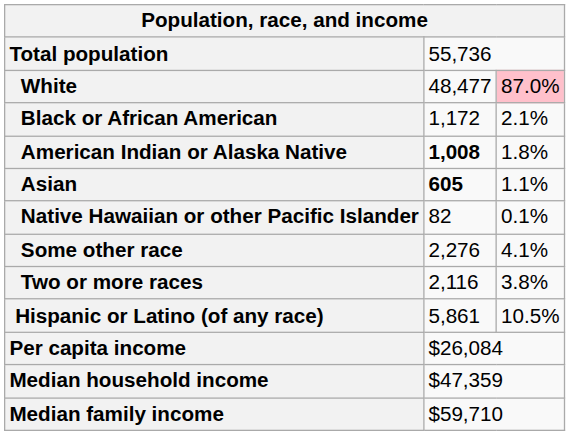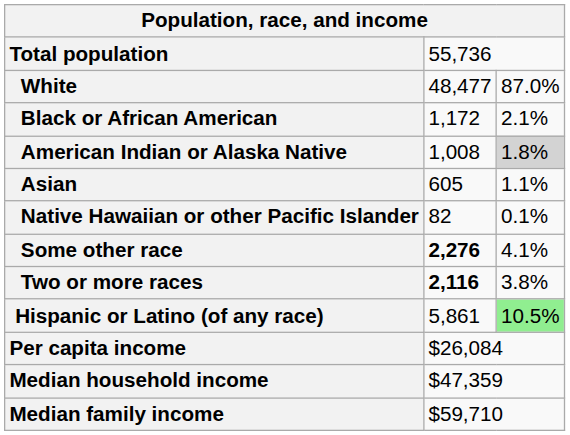 <table class="wikitable collapsible collapsed">
 <tr>
 <th colspan=6>Population, race, and income</th>
 </tr>
 <tr>
 <th scope="row" style="text-align: left;">Total population</th>
 <td colspan=2>55,736</td>
 </tr>
 <tr>
 <th scope="row" style="text-align: left;">  White</th>
 <td>48,477</td>
-<td style="background: pink;">87.0%</td>
+<td>87.0%</td>
 </tr>
 <tr>
 <th scope="row" style="text-align: left;">  Black or African American</th>
 <td>1,172</td>
 <td>2.1%</td>
 </tr>
 <tr>
 <th scope="row" style="text-align: left;">  American Indian or Alaska Native</th>
-<td><strong>1,008</strong></td>
-<td>1.8%</td>
+<td>1,008</td>
+<td style="background: lightgrey;">1.8%</td>
 </tr>
 <tr>
 <th scope="row" style="text-align: left;">  Asian</th>
-<td><strong>605</strong></td>
+<td>605</td>
 <td>1.1%</td>
 </tr>
 <tr>
 <th scope="row" style="text-align: left;">  Native Hawaiian or other Pacific Islander</th>
 <td>82</td>
 <td>0.1%</td>
 </tr>
 <tr>
 <th scope="row" style="text-align: left;">  Some other race</th>
-<td>2,276</td>
+<td><strong>2,276</strong></td>
 <td>4.1%</td>
 </tr>
 <tr>
 <th scope="row" style="text-align: left;">  Two or more races</th>
-<td>2,116</td>
+<td><strong>2,116</strong></td>
 <td>3.8%</td>
 </tr>
 <tr>
 <th scope="row" style="text-align: left;"> Hispanic or Latino (of any race)</th>
 <td>5,861</td>
-<td>10.5%</td>
+<td style="background: lightgreen;">10.5%</td>
 </tr>
 <tr>
 <th scope="row" style="text-align: left;">Per capita income</th>
 <td colspan=2>$26,084</td>
 </tr>
 <tr>
 <th scope="row" style="text-align: left;">Median household income</th>
 <td colspan=2>$47,359</td>
 </tr>
 <tr>
 <th scope="row" style="text-align: left;">Median family income</th>
 <td colspan=2>$59,710</td>
 </tr>
 </table>
